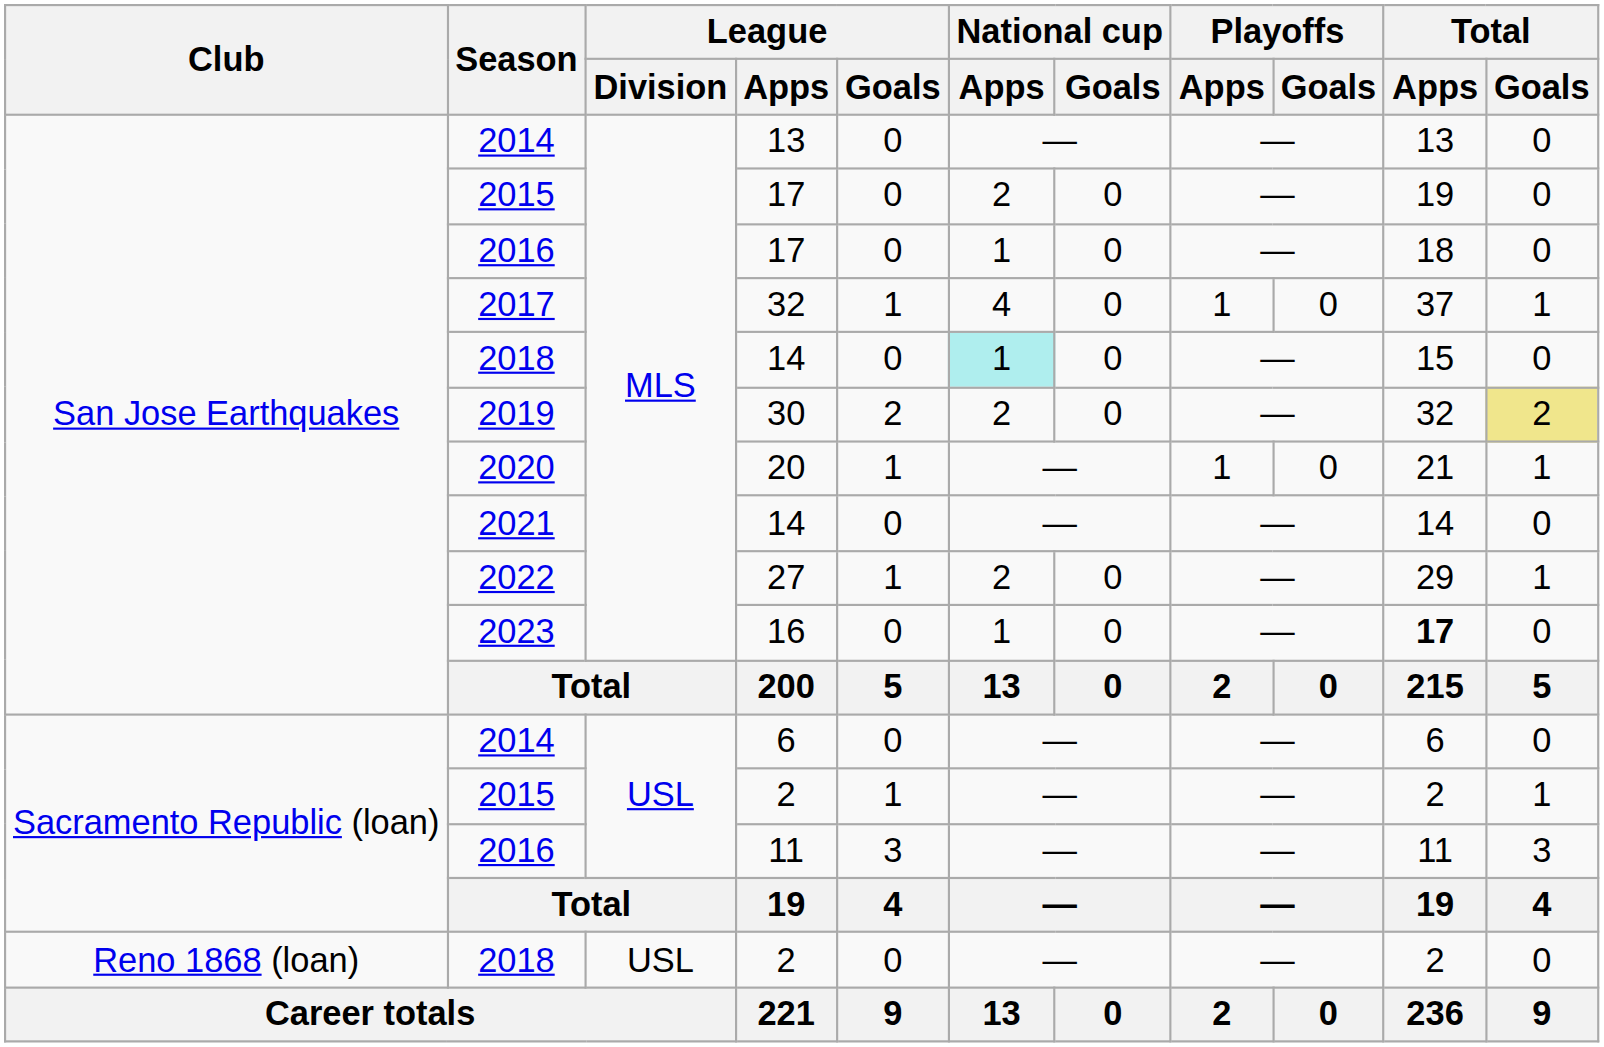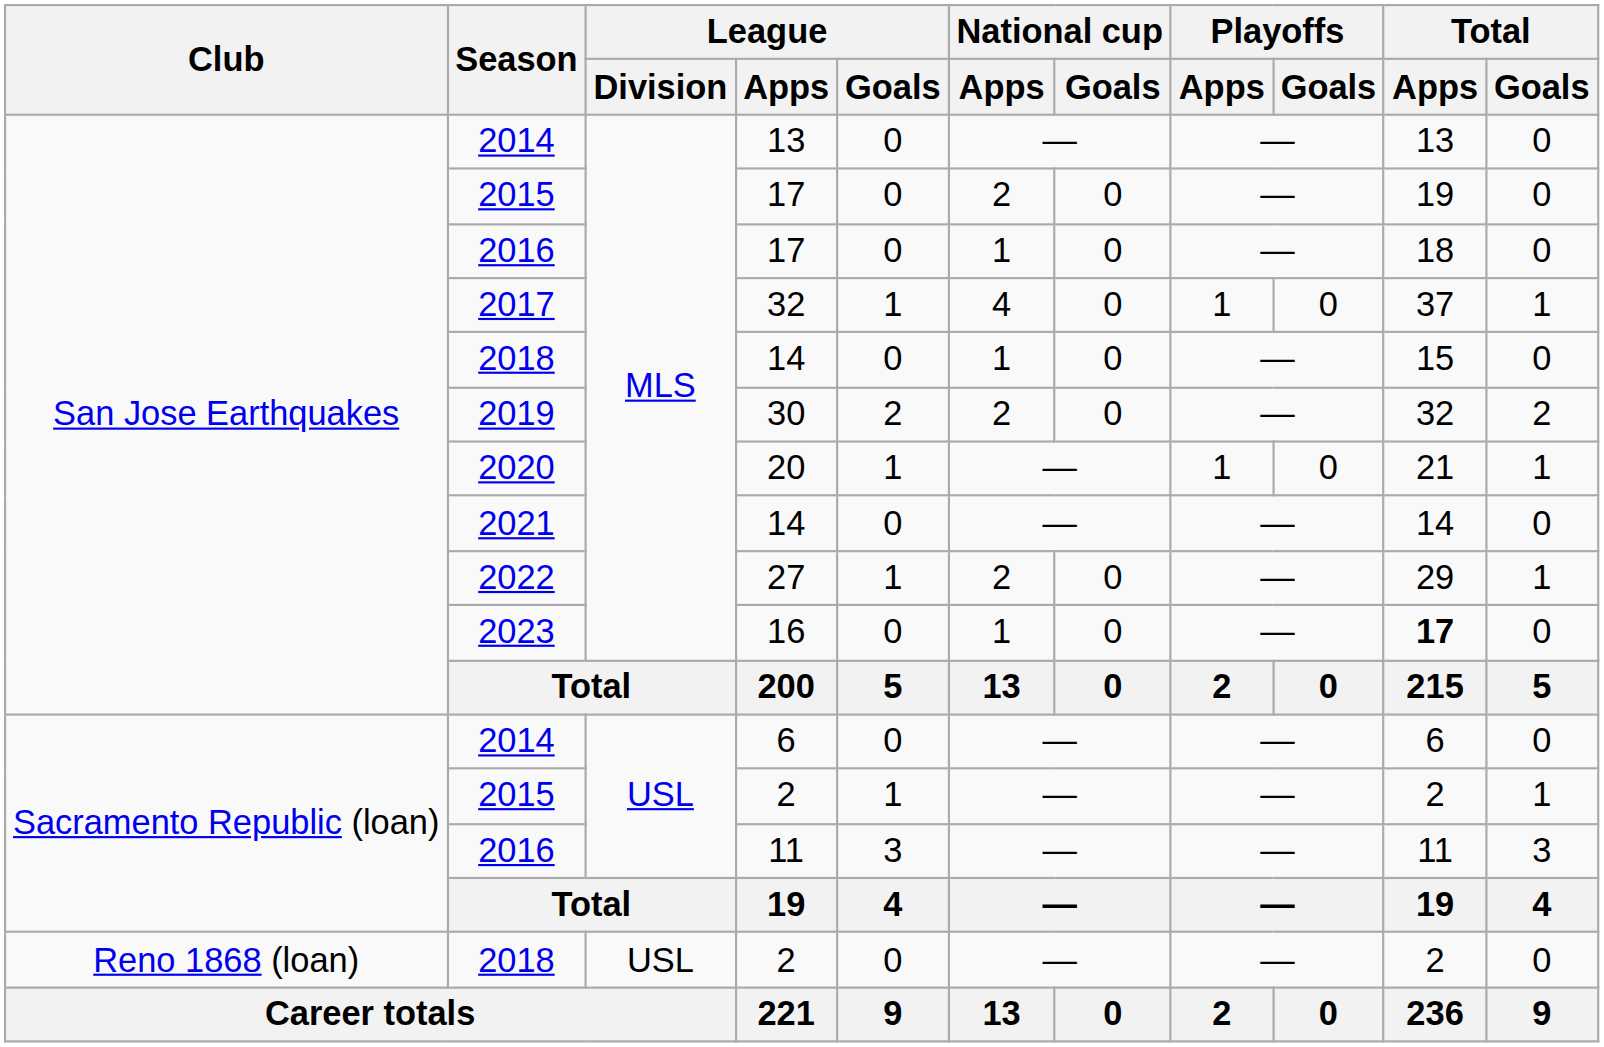 <table class="wikitable" Style="text-align: center">
 <tr>
 <th rowspan="2">Club</th>
 <th rowspan="2">Season</th>
 <th colspan="3">League</th>
 <th colspan="2">National cup</th>
 <th colspan="2">Playoffs</th>
 <th colspan="2">Total</th>
 </tr>
 <tr>
 <th>Division</th>
 <th>Apps</th>
 <th>Goals</th>
 <th>Apps</th>
 <th>Goals</th>
 <th>Apps</th>
 <th>Goals</th>
 <th>Apps</th>
 <th>Goals</th>
 </tr>
 <tr>
 <td rowspan="11"><a href='#'>San Jose Earthquakes</a></td>
 <td><a href='#'>2014</a></td>
 <td rowspan="10"><a href='#'>MLS</a></td>
 <td>13</td>
 <td>0</td>
 <td colspan="2">—</td>
 <td colspan="2">—</td>
 <td>13</td>
 <td>0</td>
 </tr>
 <tr>
 <td><a href='#'>2015</a></td>
 <td>17</td>
 <td>0</td>
 <td>2</td>
 <td>0</td>
 <td colspan="2">—</td>
 <td>19</td>
 <td>0</td>
 </tr>
 <tr>
 <td><a href='#'>2016</a></td>
 <td>17</td>
 <td>0</td>
 <td>1</td>
 <td>0</td>
 <td colspan="2">—</td>
 <td>18</td>
 <td>0</td>
 </tr>
 <tr>
 <td><a href='#'>2017</a></td>
 <td>32</td>
 <td>1</td>
 <td>4</td>
 <td>0</td>
 <td>1</td>
 <td>0</td>
 <td>37</td>
 <td>1</td>
 </tr>
 <tr>
 <td><a href='#'>2018</a></td>
 <td>14</td>
 <td>0</td>
-<td style="background: paleturquoise;">1</td>
+<td>1</td>
 <td>0</td>
 <td colspan="2">—</td>
 <td>15</td>
 <td>0</td>
 </tr>
 <tr>
 <td><a href='#'>2019</a></td>
 <td>30</td>
 <td>2</td>
 <td>2</td>
 <td>0</td>
 <td colspan="2">—</td>
 <td>32</td>
-<td style="background: khaki;">2</td>
+<td>2</td>
 </tr>
 <tr>
 <td><a href='#'>2020</a></td>
 <td>20</td>
 <td>1</td>
 <td colspan="2">—</td>
 <td>1</td>
 <td>0</td>
 <td>21</td>
 <td>1</td>
 </tr>
 <tr>
 <td><a href='#'>2021</a></td>
 <td>14</td>
 <td>0</td>
 <td colspan="2">—</td>
 <td colspan="2">—</td>
 <td>14</td>
 <td>0</td>
 </tr>
 <tr>
 <td><a href='#'>2022</a></td>
 <td>27</td>
 <td>1</td>
 <td>2</td>
 <td>0</td>
 <td colspan="2">—</td>
 <td>29</td>
 <td>1</td>
 </tr>
 <tr>
 <td><a href='#'>2023</a></td>
 <td>16</td>
 <td>0</td>
 <td>1</td>
 <td>0</td>
 <td colspan="2">—</td>
 <td><strong>17</strong></td>
 <td>0</td>
 </tr>
 <tr>
 <th colspan="2">Total</th>
 <th>200</th>
 <th>5</th>
 <th>13</th>
 <th>0</th>
 <th>2</th>
 <th>0</th>
 <th>215</th>
 <th>5</th>
 </tr>
 <tr>
 <td rowspan="4"><a href='#'>Sacramento Republic</a> (loan)</td>
 <td><a href='#'>2014</a></td>
 <td rowspan="3"><a href='#'>USL</a></td>
 <td>6</td>
 <td>0</td>
 <td colspan="2">—</td>
 <td colspan="2">—</td>
 <td>6</td>
 <td>0</td>
 </tr>
 <tr>
 <td><a href='#'>2015</a></td>
 <td>2</td>
 <td>1</td>
 <td colspan="2">—</td>
 <td colspan="2">—</td>
 <td>2</td>
 <td>1</td>
 </tr>
 <tr>
 <td><a href='#'>2016</a></td>
 <td>11</td>
 <td>3</td>
 <td colspan="2">—</td>
 <td colspan="2">—</td>
 <td>11</td>
 <td>3</td>
 </tr>
 <tr>
 <th colspan="2">Total</th>
 <th>19</th>
 <th>4</th>
 <th colspan="2">—</th>
 <th colspan="2">—</th>
 <th>19</th>
 <th>4</th>
 </tr>
 <tr>
 <td><a href='#'>Reno 1868</a> (loan)</td>
 <td><a href='#'>2018</a></td>
 <td>USL</td>
 <td>2</td>
 <td>0</td>
 <td colspan="2">—</td>
 <td colspan="2">—</td>
 <td>2</td>
 <td>0</td>
 </tr>
 <tr>
 <th colspan="3">Career totals</th>
 <th>221</th>
 <th>9</th>
 <th>13</th>
 <th>0</th>
 <th>2</th>
 <th>0</th>
 <th>236</th>
 <th>9</th>
 </tr>
 </table>
